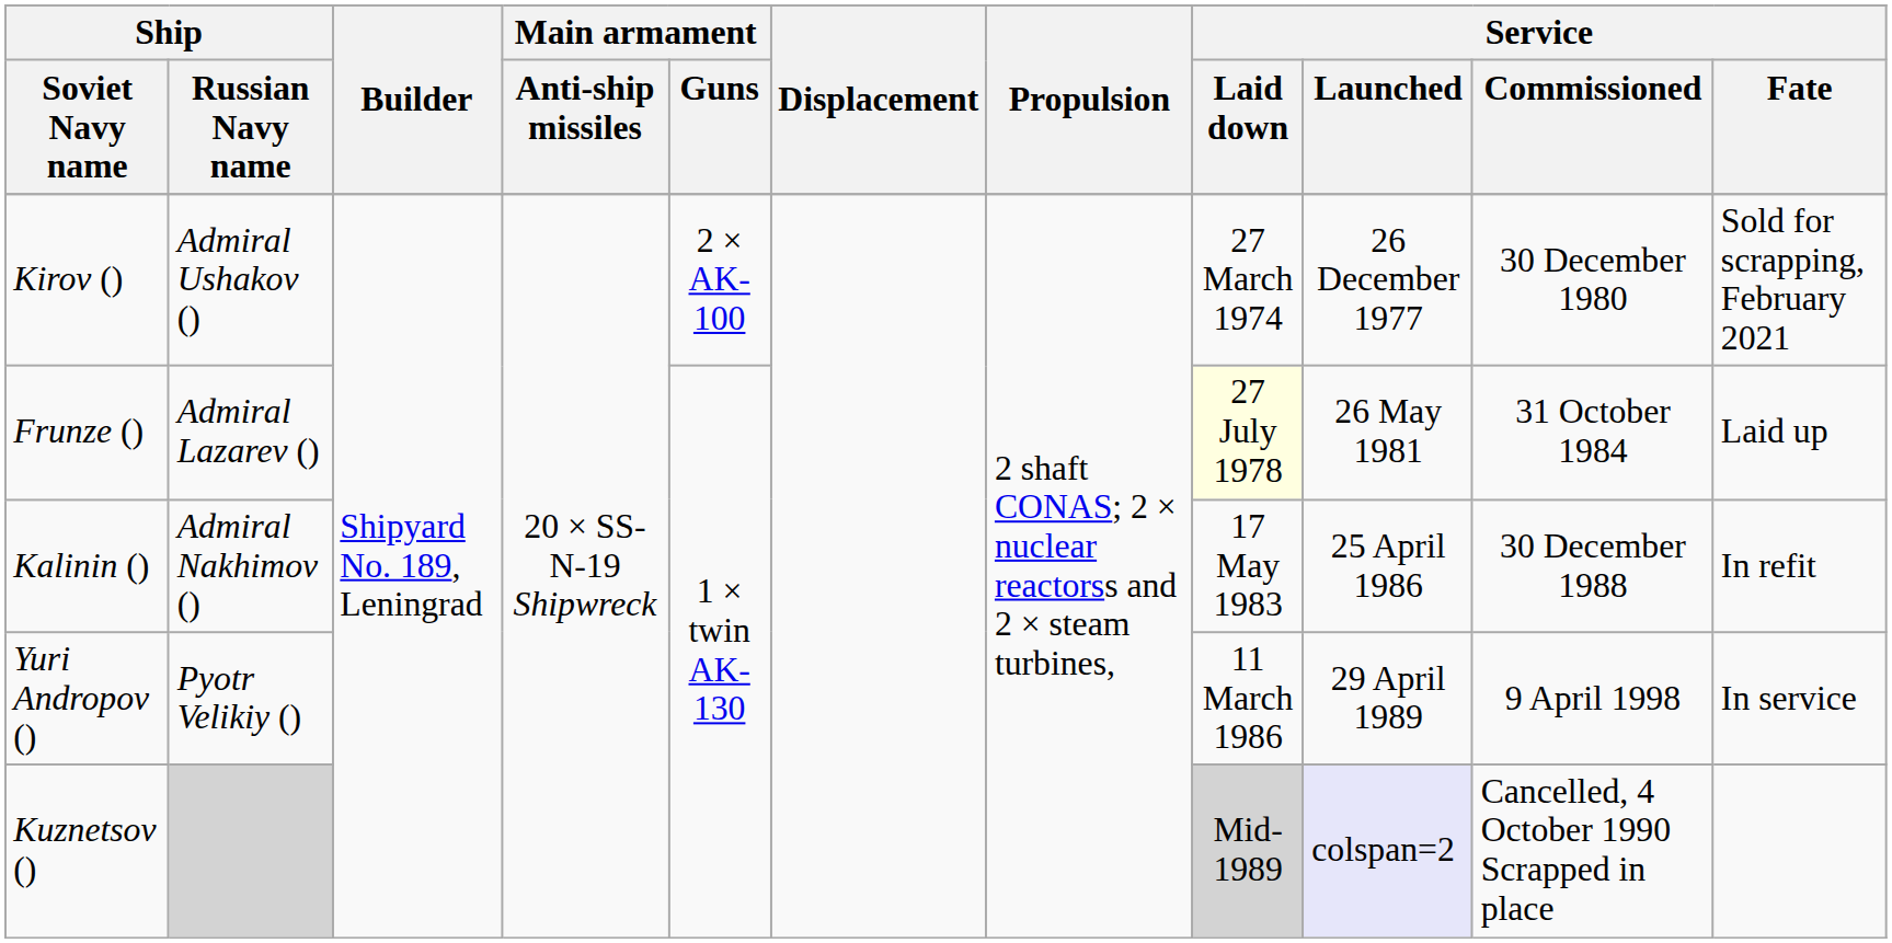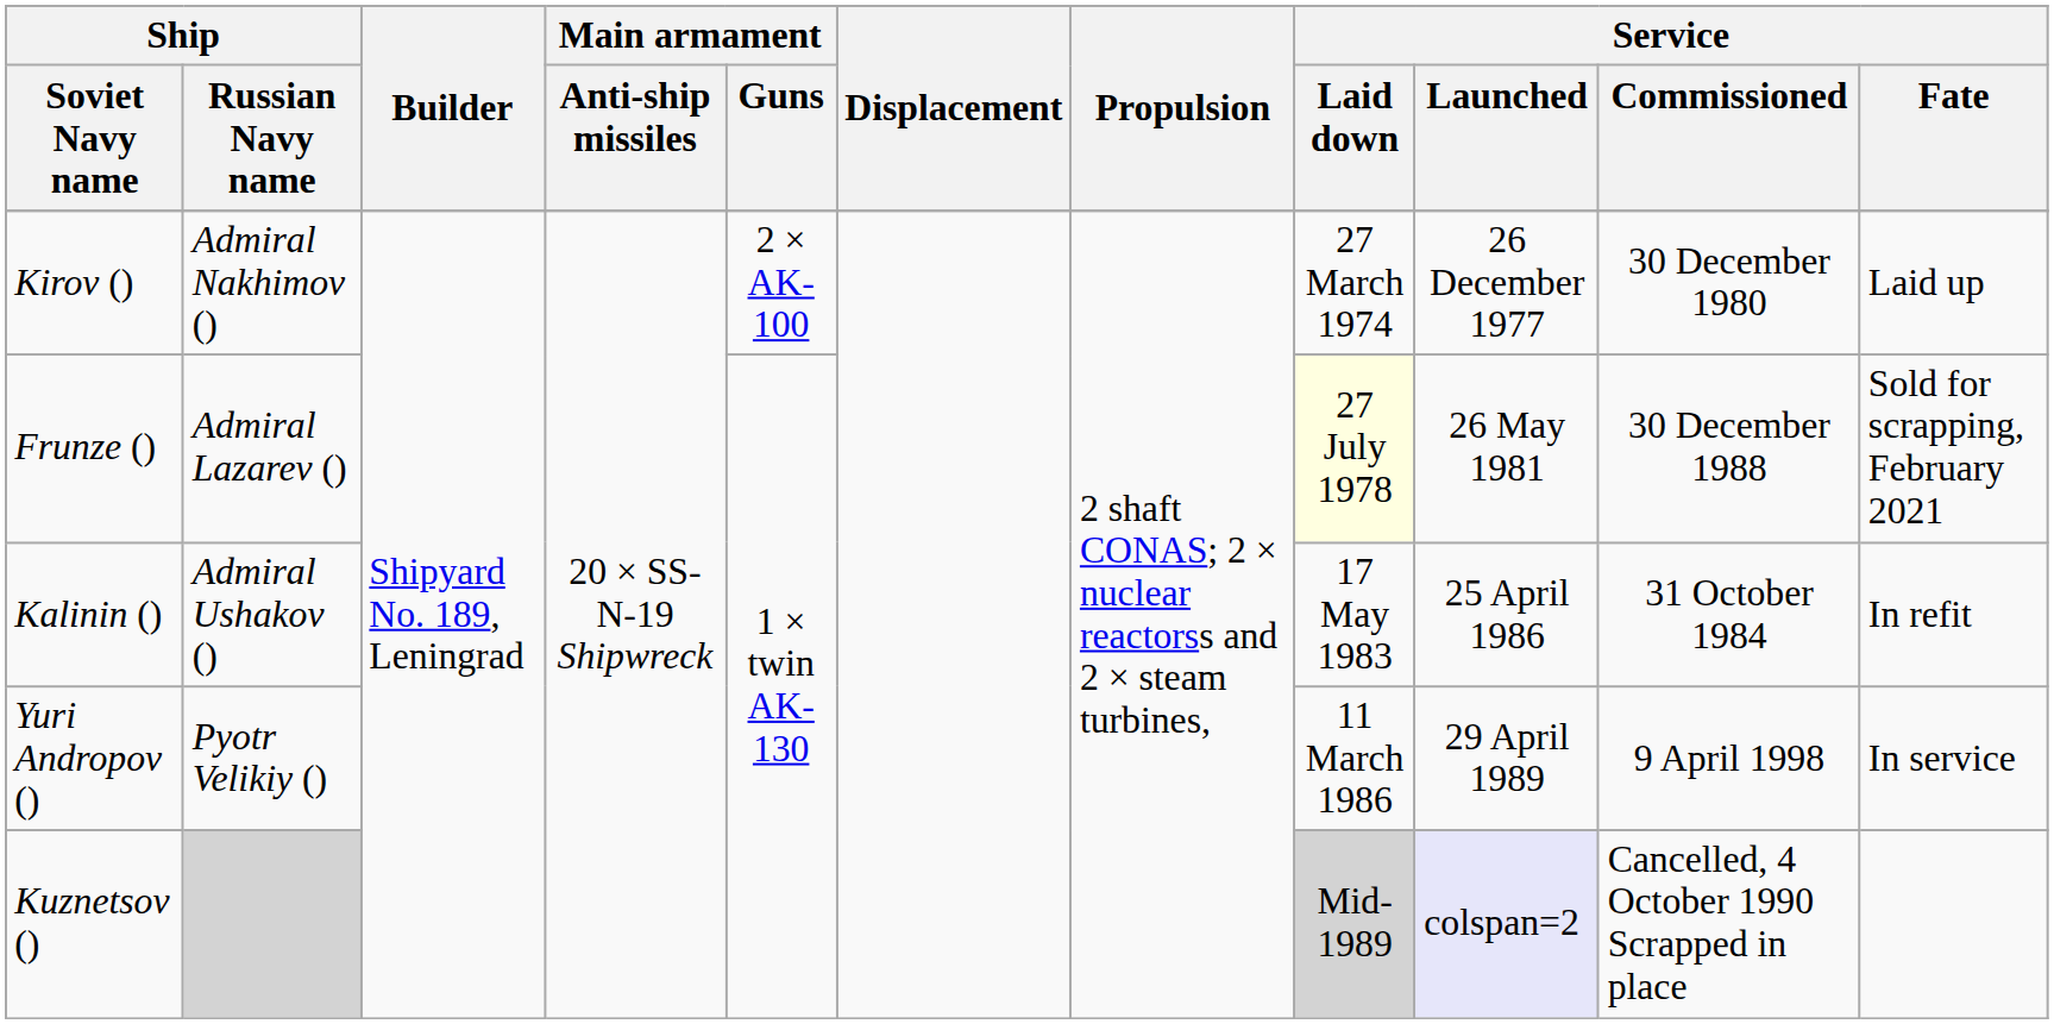 <table class="wikitable plainrowheaders">
 <tr>
 <th scope="col" align= center colspan=2>Ship</th>
 <th scope="col" align=center rowspan=2>Builder</th>
 <th scope="col" align= center colspan=2>Main armament</th>
 <th scope="col" align= center rowspan=2>Displacement</th>
 <th scope="col" align= center rowspan=2>Propulsion</th>
 <th scope="col" align= center colspan=4>Service</th>
 </tr>
 <tr valign="top">
 <th scope="col" align=center>Soviet Navy name</th>
 <th scope="col" align=center>Russian Navy name</th>
 <th scope="col" align=center>Anti-ship missiles</th>
 <th scope="col" align=center>Guns</th>
 <th scope="col" align= center>Laid down</th>
 <th scope="col" align= center>Launched</th>
 <th scope="col" align= center>Commissioned</th>
 <th scope="col" align= center>Fate</th>
 </tr>
 <tr valign="center">
 </tr>
 <tr>
 <td scope="row"><em>Kirov</em> ()</td>
-<td><em>Admiral Ushakov</em> ()</td>
+<td><em>Admiral Nakhimov</em> ()</td>
 <td rowspan=5><a href='#'>Shipyard No. 189</a>, Leningrad</td>
 <td rowspan=5 align=center>20 × SS-N-19 <em>Shipwreck</em></td>
 <td align=center>2 × <a href='#'>AK-100</a> </td>
 <td rowspan=5 align=center></td>
 <td rowspan=5>2 shaft <a href='#'>CONAS</a>; 2 × <a href='#'>nuclear reactors</a>s and 2 × steam turbines, </td>
 <td align=center>27 March 1974</td>
 <td align=center>26 December 1977</td>
 <td align=center>30 December 1980</td>
-<td>Sold for scrapping, February 2021</td>
+<td>Laid up</td>
 </tr>
 <tr>
 <td scope="row"><em>Frunze</em> ()</td>
 <td><em>Admiral Lazarev</em> ()</td>
 <td rowspan=4 align=center>1 × twin <a href='#'>AK-130</a> </td>
 <td align=center style="background: lightyellow;">27 July 1978</td>
 <td align=center>26 May 1981</td>
-<td align=center>31 October 1984</td>
-<td>Laid up</td>
+<td align=center>30 December 1988</td>
+<td>Sold for scrapping, February 2021</td>
 </tr>
 <tr>
 <td scope="row"><em>Kalinin</em> ()</td>
-<td><em>Admiral Nakhimov</em> ()</td>
+<td><em>Admiral Ushakov</em> ()</td>
 <td align=center>17 May 1983</td>
 <td align=center>25 April 1986</td>
-<td align=center>30 December 1988</td>
+<td align=center>31 October 1984</td>
 <td>In refit</td>
 </tr>
 <tr>
 <td scope="row"><em>Yuri Andropov</em> ()</td>
 <td><em>Pyotr Velikiy</em> ()</td>
 <td align=center>11 March 1986</td>
 <td align=center>29 April 1989</td>
 <td align=center>9 April 1998</td>
 <td>In service</td>
 </tr>
 <tr>
 <td scope="row"><em>Kuznetsov</em> ()</td>
 <td style="background:lightgrey;"></td>
 <td align=center style="background: lightgrey;">Mid-1989</td>
 <td style="background: lavender;">colspan=2 </td>
 <td>Cancelled, 4 October 1990<br>Scrapped in place</td>
 </tr>
 </table>
